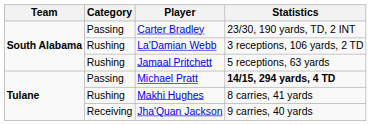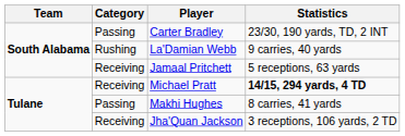 <table class="wikitable" style="float: right;">
 <tr>
 <th>Team</th>
 <th>Category</th>
 <th>Player</th>
 <th>Statistics</th>
 </tr>
 <tr>
 <td rowspan=3><strong>South Alabama</strong></td>
 <td>Passing</td>
 <td><a href='#'>Carter Bradley</a></td>
 <td>23/30, 190 yards, TD, 2 INT</td>
 </tr>
 <tr>
 <td>Rushing</td>
 <td><a href='#'>La'Damian Webb</a></td>
-<td>3 receptions, 106 yards, 2 TD</td>
+<td>9 carries, 40 yards</td>
 </tr>
 <tr>
-<td>Rushing</td>
+<td>Receiving</td>
 <td><a href='#'>Jamaal Pritchett</a></td>
 <td>5 receptions, 63 yards</td>
 </tr>
 <tr>
 <td rowspan=3><strong>Tulane</strong></td>
-<td>Passing</td>
+<td>Receiving</td>
 <td><a href='#'>Michael Pratt</a></td>
 <td><strong>14/15, 294 yards, 4 TD</strong></td>
 </tr>
 <tr>
-<td>Rushing</td>
+<td>Passing</td>
 <td><a href='#'>Makhi Hughes</a></td>
 <td>8 carries, 41 yards</td>
 </tr>
 <tr>
 <td>Receiving</td>
 <td><a href='#'>Jha'Quan Jackson</a></td>
-<td>9 carries, 40 yards</td>
+<td>3 receptions, 106 yards, 2 TD</td>
 </tr>
 </table>
